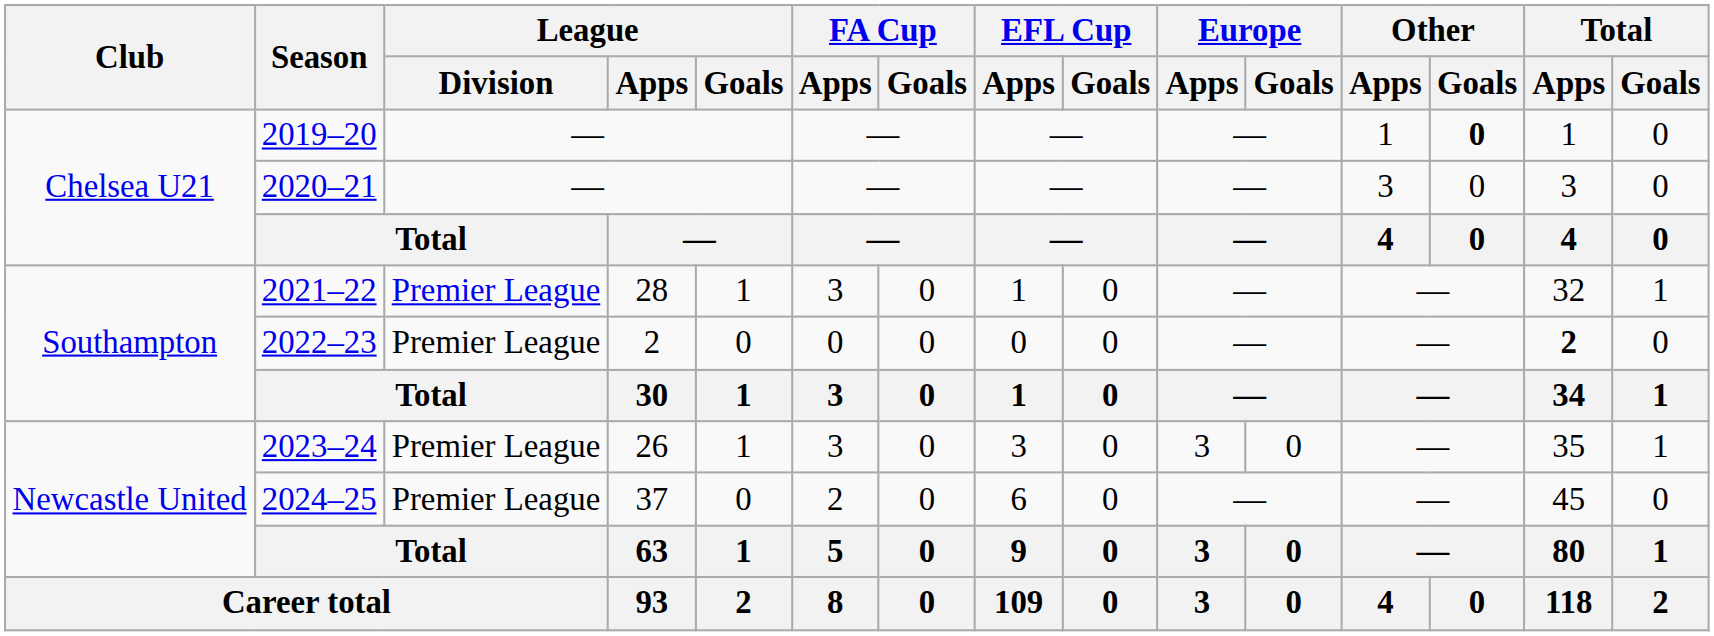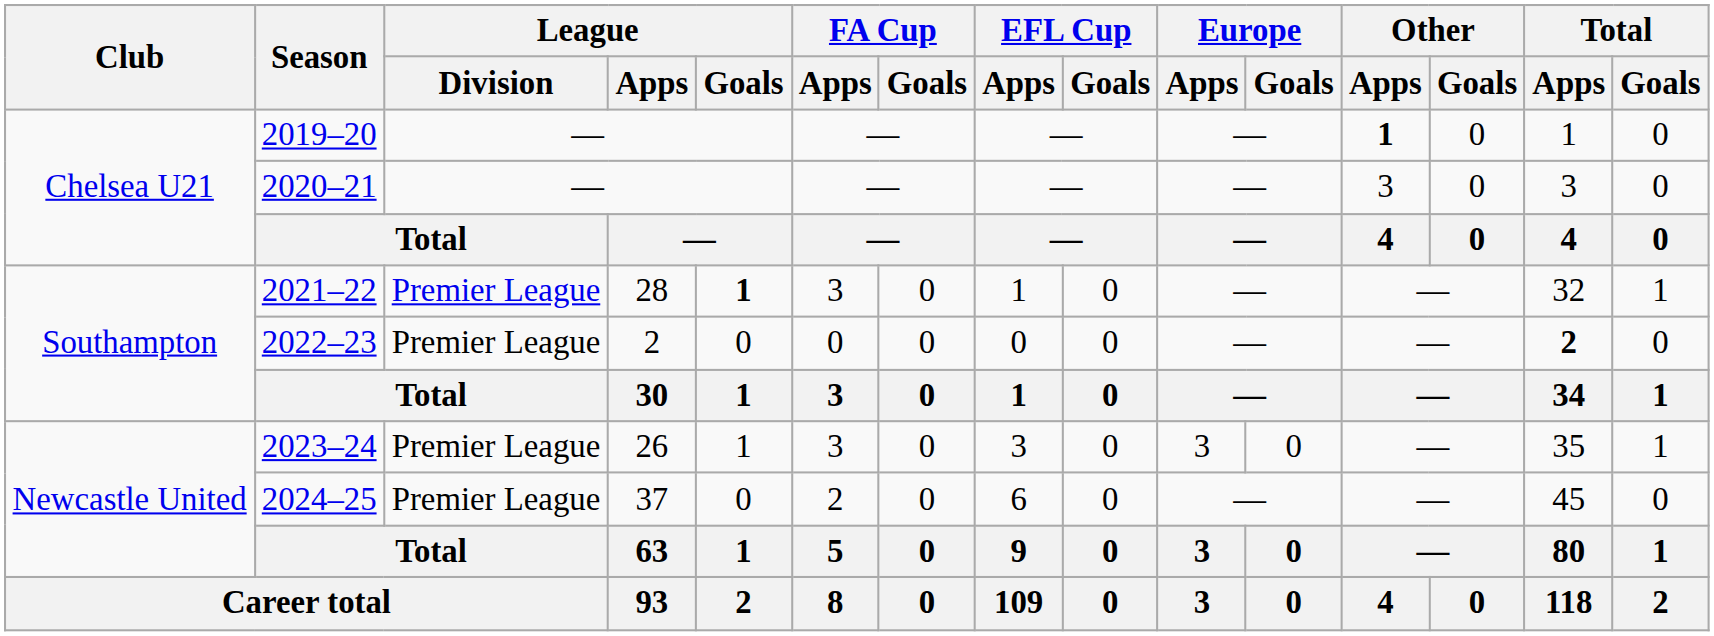 <table class=wikitable style=text-align:center>
 <tr>
 <th rowspan="2">Club</th>
 <th rowspan="2">Season</th>
 <th colspan="3">League</th>
 <th colspan="2"><a href='#'>FA Cup</a></th>
 <th colspan="2"><a href='#'>EFL Cup</a></th>
 <th colspan="2"><a href='#'>Europe</a></th>
 <th colspan="2">Other</th>
 <th colspan="2">Total</th>
 </tr>
 <tr>
 <th>Division</th>
 <th>Apps</th>
 <th>Goals</th>
 <th>Apps</th>
 <th>Goals</th>
 <th>Apps</th>
 <th>Goals</th>
 <th>Apps</th>
 <th>Goals</th>
 <th>Apps</th>
 <th>Goals</th>
 <th>Apps</th>
 <th>Goals</th>
 </tr>
 <tr>
 <td rowspan="3"><a href='#'>Chelsea U21</a></td>
 <td><a href='#'>2019–20</a></td>
 <td colspan="3">—</td>
 <td colspan="2">—</td>
 <td colspan="2">—</td>
 <td colspan="2">—</td>
-<td>1</td>
-<td><strong>0</strong></td>
+<td><strong>1</strong></td>
+<td>0</td>
 <td>1</td>
 <td>0</td>
 </tr>
 <tr>
 <td><a href='#'>2020–21</a></td>
 <td colspan="3">—</td>
 <td colspan="2">—</td>
 <td colspan="2">—</td>
 <td colspan="2">—</td>
 <td>3</td>
 <td>0</td>
 <td>3</td>
 <td>0</td>
 </tr>
 <tr>
 <th colspan="2">Total</th>
 <th colspan="2">—</th>
 <th colspan="2">—</th>
 <th colspan="2">—</th>
 <th colspan="2">—</th>
 <th>4</th>
 <th>0</th>
 <th>4</th>
 <th>0</th>
 </tr>
 <tr>
 <td rowspan="3"><a href='#'>Southampton</a></td>
 <td><a href='#'>2021–22</a></td>
 <td><a href='#'>Premier League</a></td>
 <td>28</td>
-<td>1</td>
+<td><strong>1</strong></td>
 <td>3</td>
 <td>0</td>
 <td>1</td>
 <td>0</td>
 <td colspan="2">—</td>
 <td colspan="2">—</td>
 <td>32</td>
 <td>1</td>
 </tr>
 <tr>
 <td><a href='#'>2022–23</a></td>
 <td>Premier League</td>
 <td>2</td>
 <td>0</td>
 <td>0</td>
 <td>0</td>
 <td>0</td>
 <td>0</td>
 <td colspan="2">—</td>
 <td colspan="2">—</td>
 <td><strong>2</strong></td>
 <td>0</td>
 </tr>
 <tr>
 <th colspan="2">Total</th>
 <th>30</th>
 <th>1</th>
 <th>3</th>
 <th>0</th>
 <th>1</th>
 <th>0</th>
 <th colspan="2">—</th>
 <th colspan="2">—</th>
 <th>34</th>
 <th>1</th>
 </tr>
 <tr>
 <td rowspan="3"><a href='#'>Newcastle United</a></td>
 <td><a href='#'>2023–24</a></td>
 <td>Premier League</td>
 <td>26</td>
 <td>1</td>
 <td>3</td>
 <td>0</td>
 <td>3</td>
 <td>0</td>
 <td>3</td>
 <td>0</td>
 <td colspan="2">—</td>
 <td>35</td>
 <td>1</td>
 </tr>
 <tr>
 <td><a href='#'>2024–25</a></td>
 <td>Premier League</td>
 <td>37</td>
 <td>0</td>
 <td>2</td>
 <td>0</td>
 <td>6</td>
 <td>0</td>
 <td colspan="2">—</td>
 <td colspan="2">—</td>
 <td>45</td>
 <td>0</td>
 </tr>
 <tr>
 <th colspan="2">Total</th>
 <th>63</th>
 <th>1</th>
 <th>5</th>
 <th>0</th>
 <th>9</th>
 <th>0</th>
 <th>3</th>
 <th>0</th>
 <th colspan="2">—</th>
 <th>80</th>
 <th>1</th>
 </tr>
 <tr>
 <th colspan="3">Career total</th>
 <th>93</th>
 <th>2</th>
 <th>8</th>
 <th>0</th>
 <th>109</th>
 <th>0</th>
 <th>3</th>
 <th>0</th>
 <th>4</th>
 <th>0</th>
 <th>118</th>
 <th>2</th>
 </tr>
 </table>
